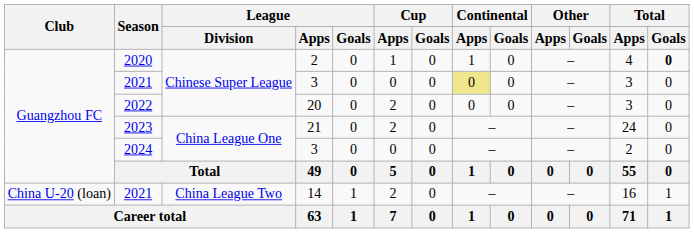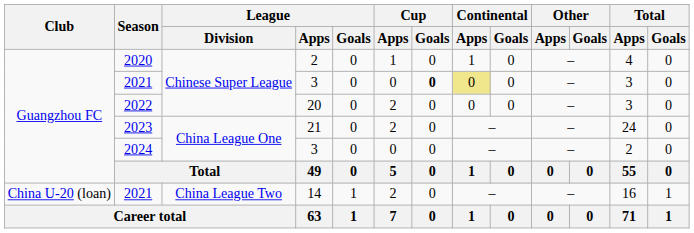 <table class="wikitable" style="text-align: center">
 <tr>
 <th rowspan="2">Club</th>
 <th rowspan="2">Season</th>
 <th colspan="3">League</th>
 <th colspan="2">Cup</th>
 <th colspan="2">Continental</th>
 <th colspan="2">Other</th>
 <th colspan="2">Total</th>
 </tr>
 <tr>
 <th>Division</th>
 <th>Apps</th>
 <th>Goals</th>
 <th>Apps</th>
 <th>Goals</th>
 <th>Apps</th>
 <th>Goals</th>
 <th>Apps</th>
 <th>Goals</th>
 <th>Apps</th>
 <th>Goals</th>
 </tr>
 <tr>
 <td rowspan="6"><a href='#'>Guangzhou FC</a></td>
 <td><a href='#'>2020</a></td>
 <td rowspan=3><a href='#'>Chinese Super League</a></td>
 <td>2</td>
 <td>0</td>
 <td>1</td>
 <td>0</td>
 <td>1</td>
 <td>0</td>
 <td colspan="2">–</td>
 <td>4</td>
-<td><strong>0</strong></td>
+<td>0</td>
 </tr>
 <tr>
 <td><a href='#'>2021</a></td>
 <td>3</td>
 <td>0</td>
 <td>0</td>
-<td>0</td>
+<td><strong>0</strong></td>
 <td style="background: khaki;">0</td>
 <td>0</td>
 <td colspan="2">–</td>
 <td>3</td>
 <td>0</td>
 </tr>
 <tr>
 <td><a href='#'>2022</a></td>
 <td>20</td>
 <td>0</td>
 <td>2</td>
 <td>0</td>
 <td>0</td>
 <td>0</td>
 <td colspan="2">–</td>
 <td>3</td>
 <td>0</td>
 </tr>
 <tr>
 <td><a href='#'>2023</a></td>
 <td rowspan=2><a href='#'>China League One</a></td>
 <td>21</td>
 <td>0</td>
 <td>2</td>
 <td>0</td>
 <td colspan="2">–</td>
 <td colspan="2">–</td>
 <td>24</td>
 <td>0</td>
 </tr>
 <tr>
 <td><a href='#'>2024</a></td>
 <td>3</td>
 <td>0</td>
 <td>0</td>
 <td>0</td>
 <td colspan="2">–</td>
 <td colspan="2">–</td>
 <td>2</td>
 <td>0</td>
 </tr>
 <tr>
 <th colspan=2>Total</th>
 <th>49</th>
 <th>0</th>
 <th>5</th>
 <th>0</th>
 <th>1</th>
 <th>0</th>
 <th>0</th>
 <th>0</th>
 <th>55</th>
 <th>0</th>
 </tr>
 <tr>
 <td><a href='#'>China U-20</a> (loan)</td>
 <td><a href='#'>2021</a></td>
 <td><a href='#'>China League Two</a></td>
 <td>14</td>
 <td>1</td>
 <td>2</td>
 <td>0</td>
 <td colspan="2">–</td>
 <td colspan="2">–</td>
 <td>16</td>
 <td>1</td>
 </tr>
 <tr>
 <th colspan=3>Career total</th>
 <th>63</th>
 <th>1</th>
 <th>7</th>
 <th>0</th>
 <th>1</th>
 <th>0</th>
 <th>0</th>
 <th>0</th>
 <th>71</th>
 <th>1</th>
 </tr>
 </table>
